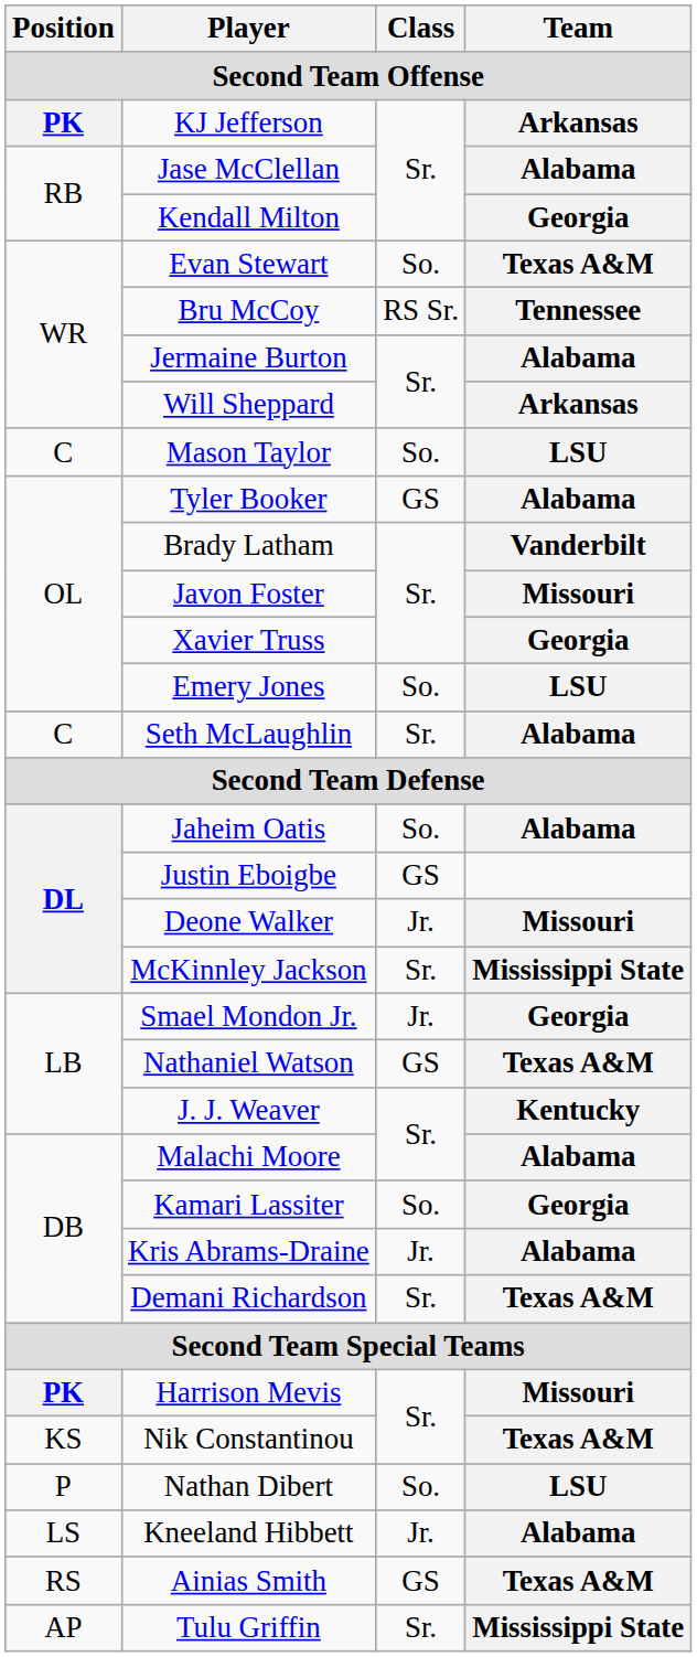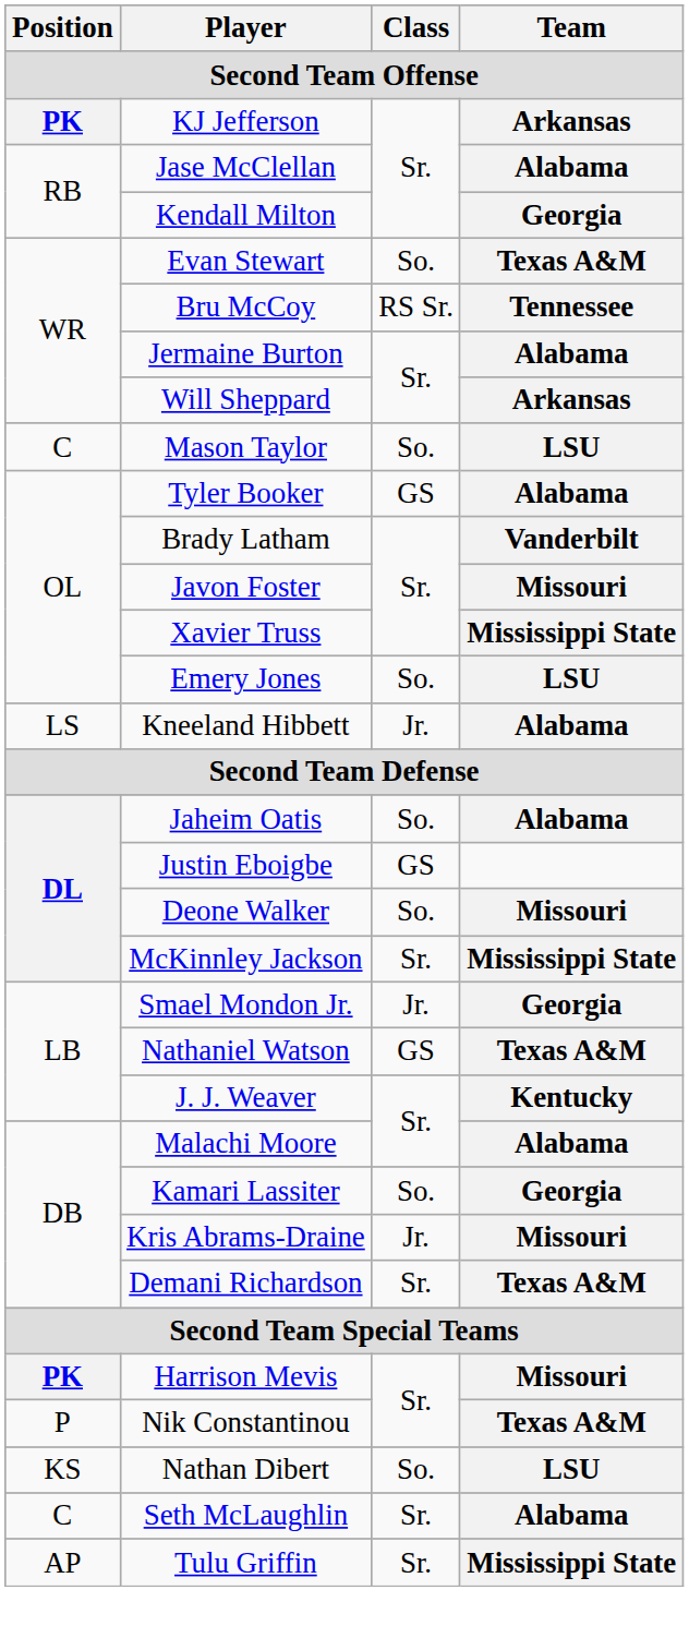 <table class="wikitable">
 <tr>
 <th>Position</th>
 <th>Player</th>
 <th>Class</th>
 <th>Team</th>
 </tr>
 <tr>
 <td colspan="4" style="text-align:center; background:#ddd;"><strong>Second Team Offense</strong></td>
 </tr>
 <tr style="text-align:center;">
 <th rowspan="1"><a href='#'>PK</a></th>
 <td><a href='#'>KJ Jefferson</a></td>
 <td rowspan=3>Sr.</td>
 <th>Arkansas</th>
 </tr>
 <tr style="text-align:center;">
 <td rowspan=2>RB</td>
 <td><a href='#'>Jase McClellan</a></td>
 <th>Alabama</th>
 </tr>
 <tr style="text-align:center;">
 <td><a href='#'>Kendall Milton</a></td>
 <th>Georgia</th>
 </tr>
 <tr style="text-align:center;">
 <td rowspan=4>WR</td>
 <td><a href='#'>Evan Stewart</a></td>
 <td>So.</td>
 <th>Texas A&M</th>
 </tr>
 <tr style="text-align:center;">
 <td><a href='#'>Bru McCoy</a></td>
 <td>RS Sr.</td>
 <th>Tennessee</th>
 </tr>
 <tr style="text-align:center;">
 <td><a href='#'>Jermaine Burton</a></td>
 <td rowspan=2>Sr.</td>
 <th>Alabama</th>
 </tr>
 <tr style="text-align:center;">
 <td><a href='#'>Will Sheppard</a></td>
 <th>Arkansas</th>
 </tr>
 <tr style="text-align:center;">
 <td>C</td>
 <td><a href='#'>Mason Taylor</a></td>
 <td>So.</td>
 <th>LSU</th>
 </tr>
 <tr style="text-align:center;">
 <td rowspan=5>OL</td>
 <td><a href='#'>Tyler Booker</a></td>
 <td>GS</td>
 <th>Alabama</th>
 </tr>
 <tr style="text-align:center;">
 <td>Brady Latham</td>
 <td rowspan=3>Sr.</td>
 <th>Vanderbilt</th>
 </tr>
 <tr style="text-align:center;">
 <td><a href='#'>Javon Foster</a></td>
 <th>Missouri</th>
 </tr>
 <tr style="text-align:center;">
 <td><a href='#'>Xavier Truss</a></td>
-<th>Georgia</th>
+<th>Mississippi State</th>
 </tr>
 <tr style="text-align:center;">
 <td><a href='#'>Emery Jones</a></td>
 <td>So.</td>
 <th>LSU</th>
 </tr>
 <tr style="text-align:center;">
-<td>C</td>
-<td><a href='#'>Seth McLaughlin</a></td>
-<td>Sr.</td>
+<td>LS</td>
+<td>Kneeland Hibbett</td>
+<td>Jr.</td>
 <th>Alabama</th>
 </tr>
 <tr style="text-align:center;">
 <td colspan="4" style="text-align:center; background:#ddd;"><strong>Second Team Defense</strong></td>
 </tr>
 <tr style="text-align:center;">
 <th rowspan="4"><a href='#'>DL</a></th>
 <td><a href='#'>Jaheim Oatis</a></td>
 <td>So.</td>
 <th>Alabama</th>
 </tr>
 <tr style="text-align:center;">
 <td><a href='#'>Justin Eboigbe</a></td>
 <td>GS</td>
 </tr>
 <tr style="text-align:center;">
 <td><a href='#'>Deone Walker</a></td>
-<td>Jr.</td>
+<td>So.</td>
 <th>Missouri</th>
 </tr>
 <tr style="text-align:center;">
 <td><a href='#'>McKinnley Jackson</a></td>
 <td>Sr.</td>
 <th>Mississippi State</th>
 </tr>
 <tr style="text-align:center;">
 <td rowspan=3>LB</td>
 <td><a href='#'>Smael Mondon Jr.</a></td>
 <td>Jr.</td>
 <th>Georgia</th>
 </tr>
 <tr style="text-align:center;">
 <td><a href='#'>Nathaniel Watson</a></td>
 <td>GS</td>
 <th>Texas A&M</th>
 </tr>
 <tr style="text-align:center;">
 <td><a href='#'>J. J. Weaver</a></td>
 <td rowspan=2>Sr.</td>
 <th>Kentucky</th>
 </tr>
 <tr style="text-align:center;">
 <td rowspan=4>DB</td>
 <td><a href='#'>Malachi Moore</a></td>
 <th>Alabama</th>
 </tr>
 <tr style="text-align:center;">
 <td><a href='#'>Kamari Lassiter</a></td>
 <td>So.</td>
 <th>Georgia</th>
 </tr>
 <tr style="text-align:center;">
 <td><a href='#'>Kris Abrams-Draine</a></td>
 <td>Jr.</td>
-<th>Alabama</th>
+<th>Missouri</th>
 </tr>
 <tr style="text-align:center;">
 <td><a href='#'>Demani Richardson</a></td>
 <td>Sr.</td>
 <th>Texas A&M</th>
 </tr>
 <tr style="text-align:center;">
 <td colspan="4" style="text-align:center; background:#ddd;"><strong>Second Team Special Teams</strong></td>
 </tr>
 <tr style="text-align:center;">
 <th rowspan="1"><a href='#'>PK</a></th>
 <td><a href='#'>Harrison Mevis</a></td>
 <td rowspan=2>Sr.</td>
 <th>Missouri</th>
 </tr>
 <tr style="text-align:center;">
-<td>KS</td>
+<td>P</td>
 <td>Nik Constantinou</td>
 <th>Texas A&M</th>
 </tr>
 <tr style="text-align:center;">
-<td>P</td>
+<td>KS</td>
 <td>Nathan Dibert</td>
 <td>So.</td>
 <th>LSU</th>
 </tr>
 <tr style="text-align:center;">
-<td>LS</td>
-<td>Kneeland Hibbett</td>
-<td>Jr.</td>
+<td>C</td>
+<td><a href='#'>Seth McLaughlin</a></td>
+<td>Sr.</td>
 <th>Alabama</th>
-</tr>
-<tr style="text-align:center;">
-<td>RS</td>
-<td><a href='#'>Ainias Smith</a></td>
-<td>GS</td>
-<th>Texas A&M</th>
 </tr>
 <tr style="text-align:center;">
 <td>AP</td>
 <td><a href='#'>Tulu Griffin</a></td>
 <td>Sr.</td>
 <th>Mississippi State</th>
 </tr>
 </table>
